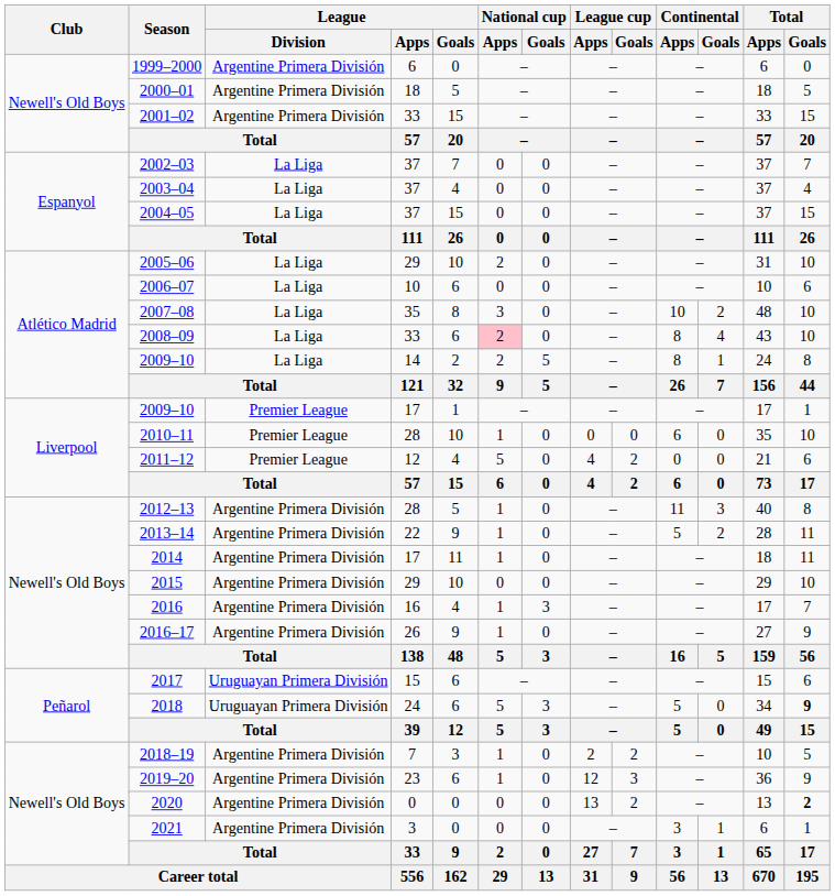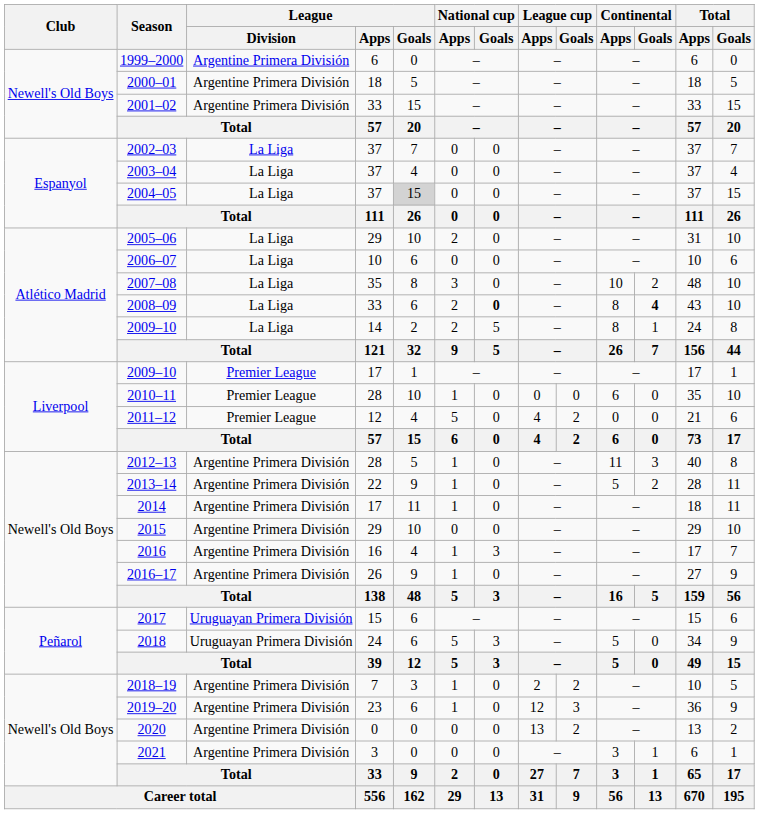 <table class="wikitable" style="text-align: center">
 <tr>
 <th rowspan=2>Club</th>
 <th rowspan=2>Season</th>
 <th colspan=3>League</th>
 <th colspan=2>National cup</th>
 <th colspan=2>League cup</th>
 <th colspan=2>Continental</th>
 <th colspan=2>Total</th>
 </tr>
 <tr>
 <th>Division</th>
 <th>Apps</th>
 <th>Goals</th>
 <th>Apps</th>
 <th>Goals</th>
 <th>Apps</th>
 <th>Goals</th>
 <th>Apps</th>
 <th>Goals</th>
 <th>Apps</th>
 <th>Goals</th>
 </tr>
 <tr>
 <td rowspan=4><a href='#'>Newell's Old Boys</a></td>
 <td><a href='#'>1999–2000</a></td>
 <td><a href='#'>Argentine Primera División</a></td>
 <td>6</td>
 <td>0</td>
 <td colspan="2">–</td>
 <td colspan="2">–</td>
 <td colspan="2">–</td>
 <td>6</td>
 <td>0</td>
 </tr>
 <tr>
 <td><a href='#'>2000–01</a></td>
 <td>Argentine Primera División</td>
 <td>18</td>
 <td>5</td>
 <td colspan="2">–</td>
 <td colspan="2">–</td>
 <td colspan="2">–</td>
 <td>18</td>
 <td>5</td>
 </tr>
 <tr>
 <td><a href='#'>2001–02</a></td>
 <td>Argentine Primera División</td>
 <td>33</td>
 <td>15</td>
 <td colspan="2">–</td>
 <td colspan="2">–</td>
 <td colspan="2">–</td>
 <td>33</td>
 <td>15</td>
 </tr>
 <tr>
 <th colspan=2>Total</th>
 <th>57</th>
 <th>20</th>
 <th colspan="2">–</th>
 <th colspan="2">–</th>
 <th colspan="2">–</th>
 <th>57</th>
 <th>20</th>
 </tr>
 <tr>
 <td rowspan=4><a href='#'>Espanyol</a></td>
 <td><a href='#'>2002–03</a></td>
 <td><a href='#'>La Liga</a></td>
 <td>37</td>
 <td>7</td>
 <td>0</td>
 <td>0</td>
 <td colspan="2">–</td>
 <td colspan="2">–</td>
 <td>37</td>
 <td>7</td>
 </tr>
 <tr>
 <td><a href='#'>2003–04</a></td>
 <td>La Liga</td>
 <td>37</td>
 <td>4</td>
 <td>0</td>
 <td>0</td>
 <td colspan="2">–</td>
 <td colspan="2">–</td>
 <td>37</td>
 <td>4</td>
 </tr>
 <tr>
 <td><a href='#'>2004–05</a></td>
 <td>La Liga</td>
 <td>37</td>
-<td>15</td>
+<td style="background: lightgrey;">15</td>
 <td>0</td>
 <td>0</td>
 <td colspan="2">–</td>
 <td colspan="2">–</td>
 <td>37</td>
 <td>15</td>
 </tr>
 <tr>
 <th colspan=2>Total</th>
 <th>111</th>
 <th>26</th>
 <th>0</th>
 <th>0</th>
 <th colspan="2">–</th>
 <th colspan="2">–</th>
 <th>111</th>
 <th>26</th>
 </tr>
 <tr>
 <td rowspan=6><a href='#'>Atlético Madrid</a></td>
 <td><a href='#'>2005–06</a></td>
 <td>La Liga</td>
 <td>29</td>
 <td>10</td>
 <td>2</td>
 <td>0</td>
 <td colspan="2">–</td>
 <td colspan="2">–</td>
 <td>31</td>
 <td>10</td>
 </tr>
 <tr>
 <td><a href='#'>2006–07</a></td>
 <td>La Liga</td>
 <td>10</td>
 <td>6</td>
 <td>0</td>
 <td>0</td>
 <td colspan="2">–</td>
 <td colspan="2">–</td>
 <td>10</td>
 <td>6</td>
 </tr>
 <tr>
 <td><a href='#'>2007–08</a></td>
 <td>La Liga</td>
 <td>35</td>
 <td>8</td>
 <td>3</td>
 <td>0</td>
 <td colspan="2">–</td>
 <td>10</td>
 <td>2</td>
 <td>48</td>
 <td>10</td>
 </tr>
 <tr>
 <td><a href='#'>2008–09</a></td>
 <td>La Liga</td>
 <td>33</td>
 <td>6</td>
-<td style="background: pink;">2</td>
-<td>0</td>
+<td>2</td>
+<td><strong>0</strong></td>
 <td colspan="2">–</td>
 <td>8</td>
-<td>4</td>
+<td><strong>4</strong></td>
 <td>43</td>
 <td>10</td>
 </tr>
 <tr>
 <td><a href='#'>2009–10</a></td>
 <td>La Liga</td>
 <td>14</td>
 <td>2</td>
 <td>2</td>
 <td>5</td>
 <td colspan="2">–</td>
 <td>8</td>
 <td>1</td>
 <td>24</td>
 <td>8</td>
 </tr>
 <tr>
 <th colspan=2>Total</th>
 <th>121</th>
 <th>32</th>
 <th>9</th>
 <th>5</th>
 <th colspan="2">–</th>
 <th>26</th>
 <th>7</th>
 <th>156</th>
 <th>44</th>
 </tr>
 <tr>
 <td rowspan=4><a href='#'>Liverpool</a></td>
 <td><a href='#'>2009–10</a></td>
 <td><a href='#'>Premier League</a></td>
 <td>17</td>
 <td>1</td>
 <td colspan="2">–</td>
 <td colspan="2">–</td>
 <td colspan="2">–</td>
 <td>17</td>
 <td>1</td>
 </tr>
 <tr>
 <td><a href='#'>2010–11</a></td>
 <td>Premier League</td>
 <td>28</td>
 <td>10</td>
 <td>1</td>
 <td>0</td>
 <td>0</td>
 <td>0</td>
 <td>6</td>
 <td>0</td>
 <td>35</td>
 <td>10</td>
 </tr>
 <tr>
 <td><a href='#'>2011–12</a></td>
 <td>Premier League</td>
 <td>12</td>
 <td>4</td>
 <td>5</td>
 <td>0</td>
 <td>4</td>
 <td>2</td>
 <td>0</td>
 <td>0</td>
 <td>21</td>
 <td>6</td>
 </tr>
 <tr>
 <th colspan=2>Total</th>
 <th>57</th>
 <th>15</th>
 <th>6</th>
 <th>0</th>
 <th>4</th>
 <th>2</th>
 <th>6</th>
 <th>0</th>
 <th>73</th>
 <th>17</th>
 </tr>
 <tr>
 <td rowspan=7>Newell's Old Boys</td>
 <td><a href='#'>2012–13</a></td>
 <td>Argentine Primera División</td>
 <td>28</td>
 <td>5</td>
 <td>1</td>
 <td>0</td>
 <td colspan="2">–</td>
 <td>11</td>
 <td>3</td>
 <td>40</td>
 <td>8</td>
 </tr>
 <tr>
 <td><a href='#'>2013–14</a></td>
 <td>Argentine Primera División</td>
 <td>22</td>
 <td>9</td>
 <td>1</td>
 <td>0</td>
 <td colspan="2">–</td>
 <td>5</td>
 <td>2</td>
 <td>28</td>
 <td>11</td>
 </tr>
 <tr>
 <td><a href='#'>2014</a></td>
 <td>Argentine Primera División</td>
 <td>17</td>
 <td>11</td>
 <td>1</td>
 <td>0</td>
 <td colspan="2">–</td>
 <td colspan="2">–</td>
 <td>18</td>
 <td>11</td>
 </tr>
 <tr>
 <td><a href='#'>2015</a></td>
 <td>Argentine Primera División</td>
 <td>29</td>
 <td>10</td>
 <td>0</td>
 <td>0</td>
 <td colspan="2">–</td>
 <td colspan="2">–</td>
 <td>29</td>
 <td>10</td>
 </tr>
 <tr>
 <td><a href='#'>2016</a></td>
 <td>Argentine Primera División</td>
 <td>16</td>
 <td>4</td>
 <td>1</td>
 <td>3</td>
 <td colspan="2">–</td>
 <td colspan="2">–</td>
 <td>17</td>
 <td>7</td>
 </tr>
 <tr>
 <td><a href='#'>2016–17</a></td>
 <td>Argentine Primera División</td>
 <td>26</td>
 <td>9</td>
 <td>1</td>
 <td>0</td>
 <td colspan="2">–</td>
 <td colspan="2">–</td>
 <td>27</td>
 <td>9</td>
 </tr>
 <tr>
 <th colspan=2>Total</th>
 <th>138</th>
 <th>48</th>
 <th>5</th>
 <th>3</th>
 <th colspan="2">–</th>
 <th>16</th>
 <th>5</th>
 <th>159</th>
 <th>56</th>
 </tr>
 <tr>
 <td rowspan=3><a href='#'>Peñarol</a></td>
 <td><a href='#'>2017</a></td>
 <td><a href='#'>Uruguayan Primera División</a></td>
 <td>15</td>
 <td>6</td>
 <td colspan="2">–</td>
 <td colspan="2">–</td>
 <td colspan="2">–</td>
 <td>15</td>
 <td>6</td>
 </tr>
 <tr>
 <td><a href='#'>2018</a></td>
 <td>Uruguayan Primera División</td>
 <td>24</td>
 <td>6</td>
 <td>5</td>
 <td>3</td>
 <td colspan="2">–</td>
 <td>5</td>
 <td>0</td>
 <td>34</td>
-<td><strong>9</strong></td>
+<td>9</td>
 </tr>
 <tr>
 <th colspan=2>Total</th>
 <th>39</th>
 <th>12</th>
 <th>5</th>
 <th>3</th>
 <th colspan="2">–</th>
 <th>5</th>
 <th>0</th>
 <th>49</th>
 <th>15</th>
 </tr>
 <tr>
 <td rowspan=5>Newell's Old Boys</td>
 <td><a href='#'>2018–19</a></td>
 <td>Argentine Primera División</td>
 <td>7</td>
 <td>3</td>
 <td>1</td>
 <td>0</td>
 <td>2</td>
 <td>2</td>
 <td colspan="2">–</td>
 <td>10</td>
 <td>5</td>
 </tr>
 <tr>
 <td><a href='#'>2019–20</a></td>
 <td>Argentine Primera División</td>
 <td>23</td>
 <td>6</td>
 <td>1</td>
 <td>0</td>
 <td>12</td>
 <td>3</td>
 <td colspan="2">–</td>
 <td>36</td>
 <td>9</td>
 </tr>
 <tr>
 <td><a href='#'>2020</a></td>
 <td>Argentine Primera División</td>
 <td>0</td>
 <td>0</td>
 <td>0</td>
 <td>0</td>
 <td>13</td>
 <td>2</td>
 <td colspan="2">–</td>
 <td>13</td>
-<td><strong>2</strong></td>
+<td>2</td>
 </tr>
 <tr>
 <td><a href='#'>2021</a></td>
 <td>Argentine Primera División</td>
 <td>3</td>
 <td>0</td>
 <td>0</td>
 <td>0</td>
 <td colspan="2">–</td>
 <td>3</td>
 <td>1</td>
 <td>6</td>
 <td>1</td>
 </tr>
 <tr>
 <th colspan=2>Total</th>
 <th>33</th>
 <th>9</th>
 <th>2</th>
 <th>0</th>
 <th>27</th>
 <th>7</th>
 <th>3</th>
 <th>1</th>
 <th>65</th>
 <th>17</th>
 </tr>
 <tr>
 <th colspan=3>Career total</th>
 <th>556</th>
 <th>162</th>
 <th>29</th>
 <th>13</th>
 <th>31</th>
 <th>9</th>
 <th>56</th>
 <th>13</th>
 <th>670</th>
 <th>195</th>
 </tr>
 </table>
